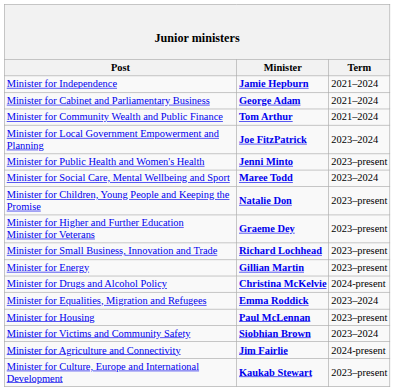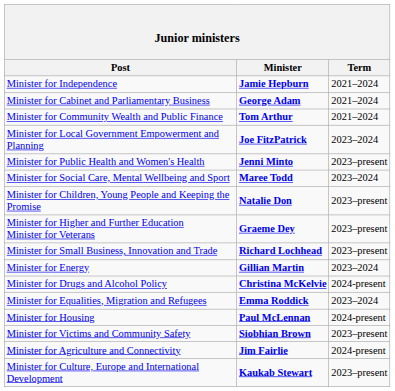 <table class="wikitable">
 <tr>
 <th colspan="5"><br><h3>Junior ministers</h3></th>
 </tr>
 <tr>
 <th style="width: 350px">Post</th>
 <th>Minister</th>
 <th colspan="1">Term</th>
 </tr>
 <tr>
 <td><a href='#'>Minister for Independence</a></td>
 <td><strong><a href='#'>Jamie Hepburn</a></strong> </td>
 <td>2021–2024</td>
 </tr>
 <tr>
 <td><a href='#'>Minister for Cabinet and Parliamentary Business</a></td>
 <td><strong><a href='#'>George Adam</a></strong> </td>
 <td>2021–2024</td>
 </tr>
 <tr>
 <td><a href='#'>Minister for Community Wealth and Public Finance</a></td>
 <td><a href='#'><strong>Tom Arthur</strong></a> </td>
 <td>2021–2024</td>
 </tr>
 <tr>
 <td><a href='#'>Minister for Local Government Empowerment and Planning</a></td>
 <td><strong><a href='#'>Joe FitzPatrick</a></strong> </td>
 <td>2023–2024</td>
 </tr>
 <tr>
 <td><a href='#'>Minister for Public Health and Women's Health</a></td>
 <td><strong><a href='#'>Jenni Minto</a></strong> </td>
 <td>2023–present</td>
 </tr>
 <tr>
 <td><a href='#'>Minister for Social Care, Mental Wellbeing and Sport</a></td>
 <td><strong><a href='#'>Maree Todd</a></strong> </td>
 <td>2023–2024</td>
 </tr>
 <tr>
 <td><a href='#'>Minister for Children, Young People and Keeping the Promise</a></td>
 <td><strong><a href='#'>Natalie Don</a></strong> </td>
 <td>2023–present</td>
 </tr>
 <tr>
 <td><a href='#'>Minister for Higher and Further Education</a><br><a href='#'>Minister for Veterans</a></td>
 <td><strong><a href='#'>Graeme Dey</a></strong> </td>
 <td>2023–present</td>
 </tr>
 <tr>
 <td><a href='#'>Minister for Small Business, Innovation and Trade</a></td>
 <td><strong><a href='#'>Richard Lochhead</a></strong> </td>
 <td>2023–present</td>
 </tr>
 <tr>
 <td><a href='#'>Minister for Energy</a></td>
 <td><strong><a href='#'>Gillian Martin</a></strong> </td>
-<td>2023–present</td>
+<td>2023–2024</td>
 </tr>
 <tr>
 <td><a href='#'>Minister for Drugs and Alcohol Policy</a></td>
 <td><strong><a href='#'>Christina McKelvie</a></strong> </td>
 <td>2024-present</td>
 </tr>
 <tr>
 <td><a href='#'>Minister for Equalities, Migration and Refugees</a></td>
 <td><strong><a href='#'>Emma Roddick</a></strong> </td>
 <td>2023–2024</td>
 </tr>
 <tr>
 <td><a href='#'>Minister for Housing</a></td>
 <td><strong><a href='#'>Paul McLennan</a></strong> </td>
-<td>2023–present</td>
+<td>2024-present</td>
 </tr>
 <tr>
 <td><a href='#'>Minister for Victims and Community Safety</a></td>
 <td><strong><a href='#'>Siobhian Brown</a></strong> </td>
-<td>2023–2024</td>
+<td>2023–present</td>
 </tr>
 <tr>
 <td><a href='#'>Minister for Agriculture and Connectivity</a></td>
 <td><strong><a href='#'>Jim Fairlie</a></strong> </td>
 <td>2024-present</td>
 </tr>
 <tr>
 <td><a href='#'>Minister for Culture, Europe and International Development</a></td>
 <td><strong><a href='#'>Kaukab Stewart</a></strong> </td>
 <td>2023–present</td>
 </tr>
 </table>
